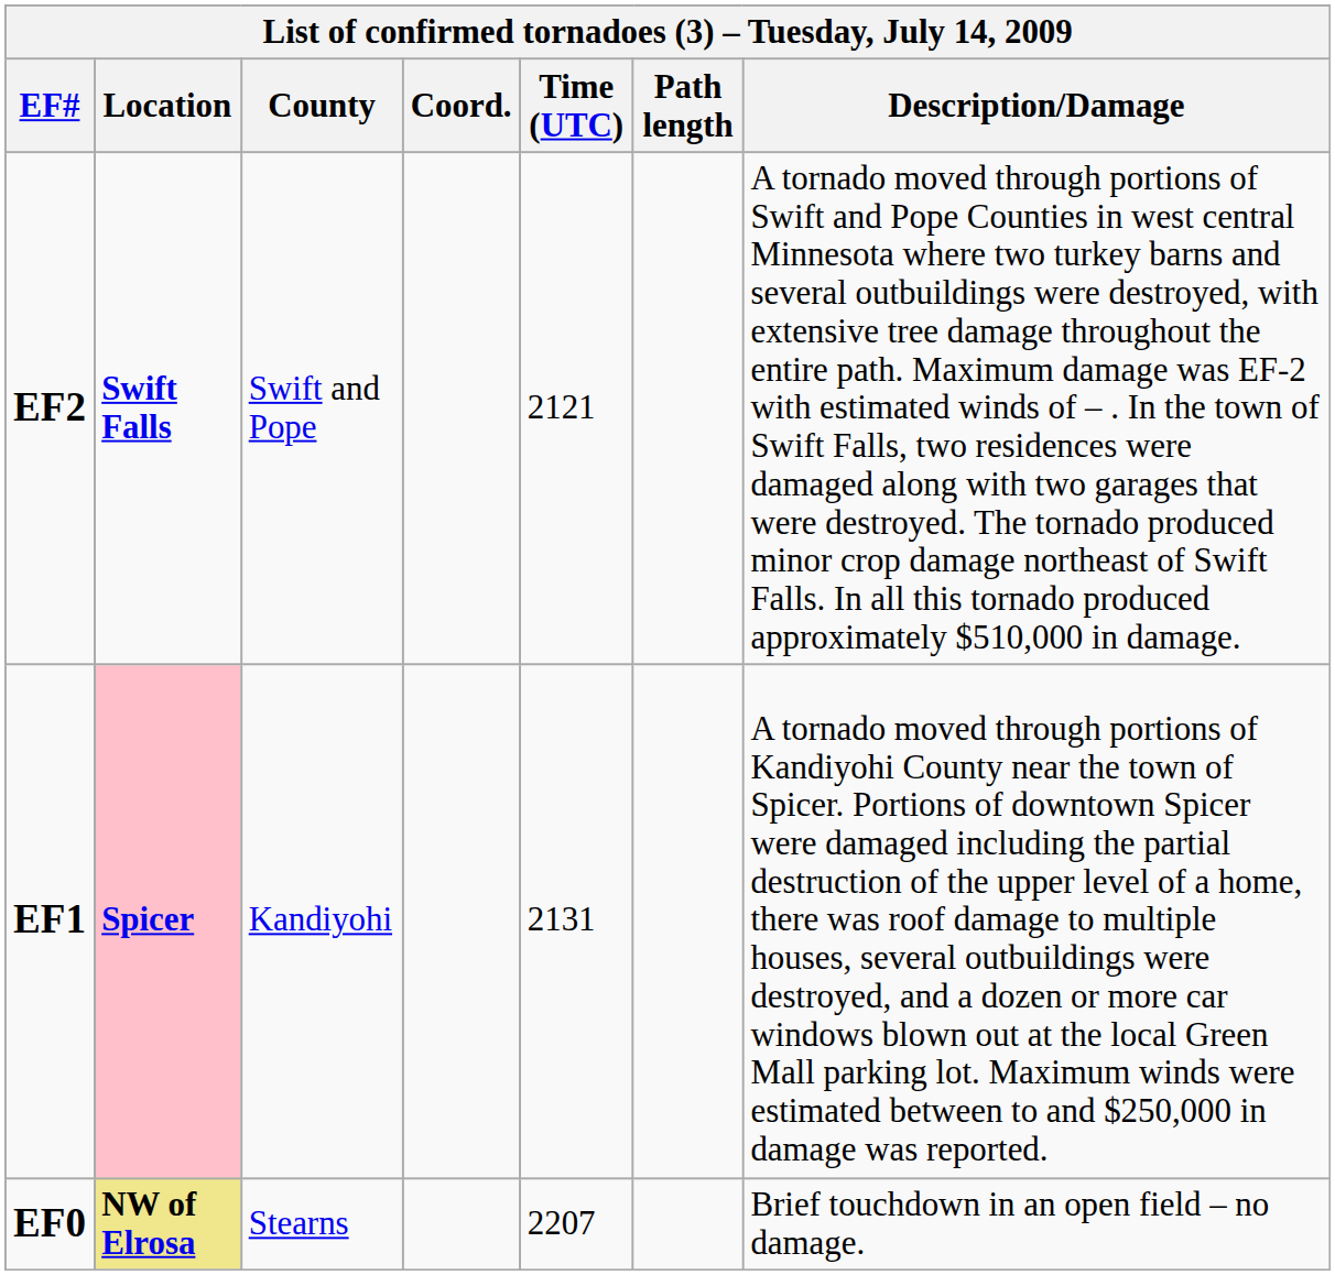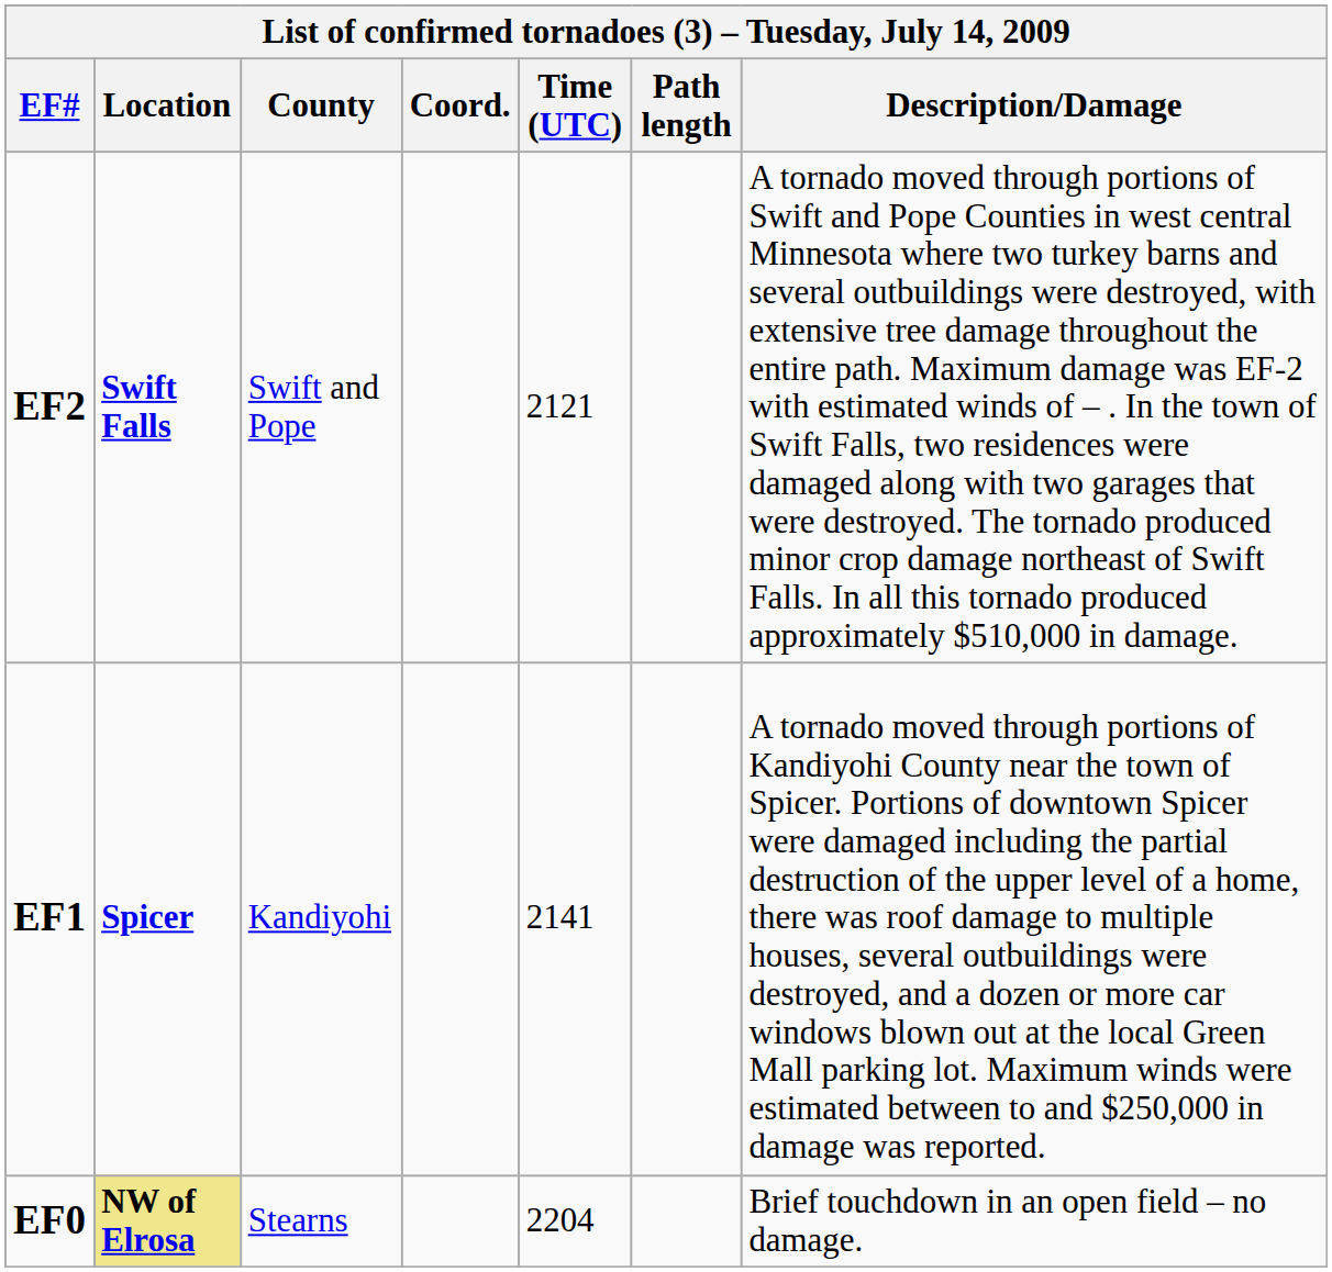 <table class="wikitable collapsible" width="100%">
 <tr>
 <th colspan="7">List of confirmed tornadoes (3) – Tuesday, July 14, 2009</th>
 </tr>
 <tr>
 <th><a href='#'>EF#</a></th>
 <th>Location</th>
 <th>County</th>
 <th>Coord.</th>
 <th>Time (<a href='#'>UTC</a>)</th>
 <th>Path length</th>
 <th>Description/Damage</th>
 </tr>
 <tr>
 <td><big><strong>EF2</strong></big></td>
 <td><strong><a href='#'>Swift Falls</a></strong></td>
 <td><a href='#'>Swift</a> and <a href='#'>Pope</a></td>
 <td></td>
 <td>2121</td>
 <td></td>
 <td>A tornado moved through portions of Swift and Pope Counties in west central Minnesota where two turkey barns and several outbuildings were destroyed, with extensive tree damage throughout the entire path. Maximum damage was EF-2 with estimated winds of  – . In the town of Swift Falls, two residences were damaged along with two garages that were destroyed. The tornado produced minor crop damage northeast of Swift Falls. In all this tornado produced approximately $510,000 in damage.</td>
 </tr>
 <tr>
 <td><big><strong>EF1</strong></big></td>
-<td style="background: pink;"><strong><a href='#'>Spicer</a></strong></td>
+<td><strong><a href='#'>Spicer</a></strong></td>
 <td><a href='#'>Kandiyohi</a></td>
 <td></td>
-<td>2131</td>
+<td>2141</td>
 <td></td>
 <td><br>A tornado moved through portions of Kandiyohi County near the town of Spicer. Portions of downtown Spicer were damaged including the partial destruction of the upper level of a home, there was roof damage to multiple houses, several outbuildings were destroyed, and a dozen or more car windows blown out at the local Green Mall parking lot. Maximum winds were estimated between  to  and $250,000 in damage was reported.</td>
 </tr>
 <tr>
 <td><big><strong>EF0</strong></big></td>
 <td style="background: khaki;"><strong>NW of <a href='#'>Elrosa</a></strong></td>
 <td><a href='#'>Stearns</a></td>
 <td></td>
-<td>2207</td>
+<td>2204</td>
 <td></td>
 <td>Brief touchdown in an open field – no damage.</td>
 </tr>
 </table>
